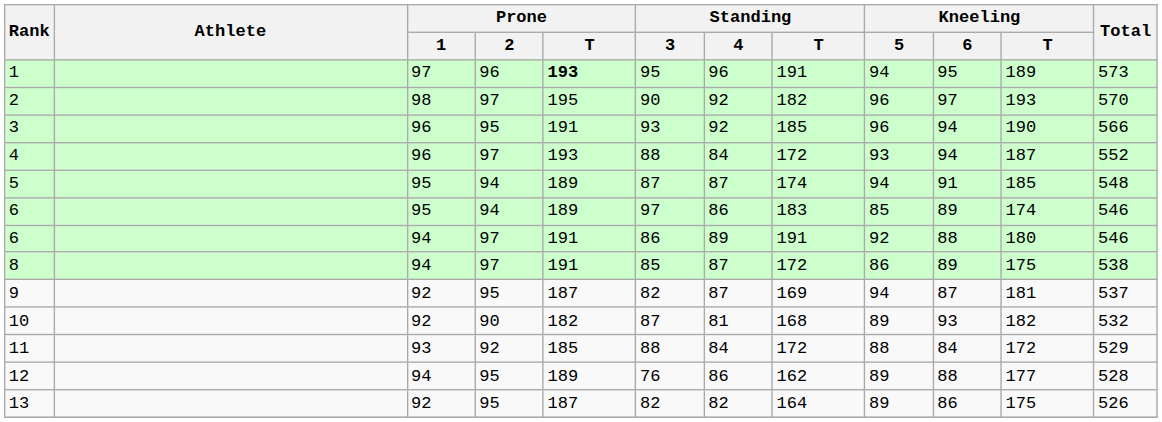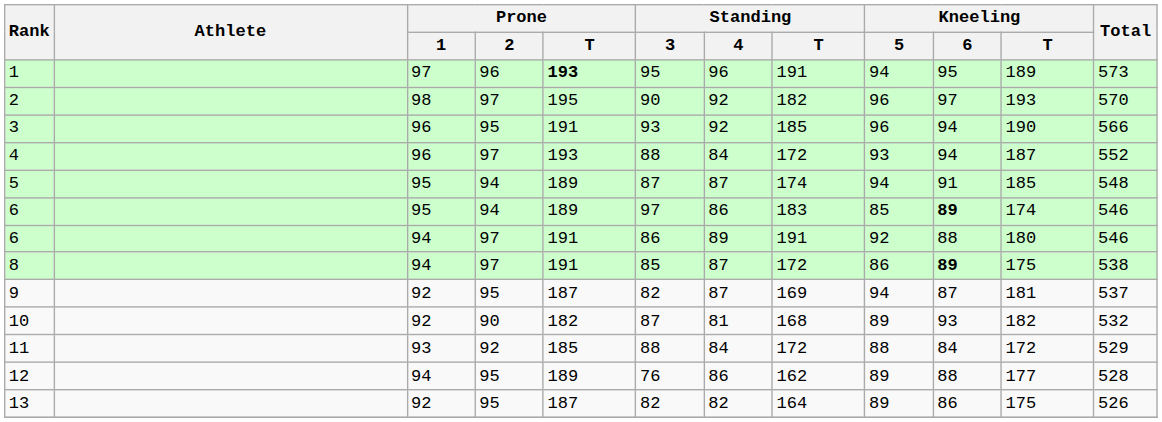 <table class="wikitable" style="font-size:95%" style="width:35em;" style="text-align:center">
 <tr>
 <th rowspan=2>Rank</th>
 <th rowspan=2 width=250>Athlete</th>
 <th colspan=3 width=160>Prone</th>
 <th colspan=3 width=160>Standing</th>
 <th colspan=3 width=160>Kneeling</th>
 <th rowspan=2 width=40>Total</th>
 </tr>
 <tr>
 <th>1</th>
 <th>2</th>
 <th>T</th>
 <th>3</th>
 <th>4</th>
 <th>T</th>
 <th>5</th>
 <th>6</th>
 <th>T</th>
 </tr>
 <tr bgcolor=ccffcc>
 <td>1</td>
 <td align=left></td>
 <td>97</td>
 <td>96</td>
 <td><strong>193<em></td>
 <td>95</td>
 <td>96</td>
 <td></strong>191<strong></td>
 <td>94</td>
 <td>95</td>
 <td></strong>189<strong></td>
 <td></strong>573<strong></td>
 </tr>
 <tr bgcolor=ccffcc>
 <td>2</td>
 <td align=left></td>
 <td>98</td>
 <td>97</td>
 <td></strong>195<strong></td>
 <td>90</td>
 <td>92</td>
 <td></strong>182<strong></td>
 <td>96</td>
 <td>97</td>
 <td></strong>193<strong></td>
 <td></strong>570<strong></td>
 </tr>
 <tr bgcolor=ccffcc>
 <td>3</td>
 <td align=left></td>
 <td>96</td>
 <td>95</td>
 <td></strong>191<strong></td>
 <td>93</td>
 <td>92</td>
 <td></strong>185<strong></td>
 <td>96</td>
 <td>94</td>
 <td></strong>190<strong></td>
 <td></strong>566<strong></td>
 </tr>
 <tr bgcolor=ccffcc>
 <td>4</td>
 <td align=left></td>
 <td>96</td>
 <td>97</td>
 <td></strong>193<strong></td>
 <td>88</td>
 <td>84</td>
 <td></strong>172<strong></td>
 <td>93</td>
 <td>94</td>
 <td></strong>187<strong></td>
 <td></strong>552<strong></td>
 </tr>
 <tr bgcolor=ccffcc>
 <td>5</td>
 <td align=left></td>
 <td>95</td>
 <td>94</td>
 <td></strong>189<strong></td>
 <td>87</td>
 <td>87</td>
 <td></strong>174<strong></td>
 <td>94</td>
 <td>91</td>
 <td></strong>185<strong></td>
 <td></strong>548<strong></td>
 </tr>
 <tr bgcolor=ccffcc>
 <td>6</td>
 <td align=left></td>
 <td>95</td>
 <td>94</td>
 <td></strong>189<strong></td>
 <td>97</td>
 <td>86</td>
 <td></strong>183<strong></td>
 <td>85</td>
-<td>89</td>
+<td><strong>89</strong></td>
 <td></strong>174<strong></td>
 <td></strong>546<strong></td>
 </tr>
 <tr bgcolor=ccffcc>
 <td>6</td>
 <td align=left></td>
 <td>94</td>
 <td>97</td>
 <td></strong>191<strong></td>
 <td>86</td>
 <td>89</td>
 <td></strong>191<strong></td>
 <td>92</td>
 <td>88</td>
 <td></strong>180<strong></td>
 <td></strong>546<strong></td>
 </tr>
 <tr bgcolor=ccffcc>
 <td>8</td>
 <td align=left></td>
 <td>94</td>
 <td>97</td>
 <td></strong>191<strong></td>
 <td>85</td>
 <td>87</td>
 <td></strong>172<strong></td>
 <td>86</td>
-<td>89</td>
+<td><strong>89</strong></td>
 <td></strong>175<strong></td>
 <td></strong>538<strong></td>
 </tr>
 <tr>
 <td>9</td>
 <td align=left></td>
 <td>92</td>
 <td>95</td>
 <td></strong>187<strong></td>
 <td>82</td>
 <td>87</td>
 <td></strong>169<strong></td>
 <td>94</td>
 <td>87</td>
 <td></strong>181<strong></td>
 <td></strong>537<strong></td>
 </tr>
 <tr>
 <td>10</td>
 <td align=left></td>
 <td>92</td>
 <td>90</td>
 <td></strong>182<strong></td>
 <td>87</td>
 <td>81</td>
 <td></strong>168<strong></td>
 <td>89</td>
 <td>93</td>
 <td></strong>182<strong></td>
 <td></strong>532<strong></td>
 </tr>
 <tr>
 <td>11</td>
 <td align=left></td>
 <td>93</td>
 <td>92</td>
 <td></strong>185<strong></td>
 <td>88</td>
 <td>84</td>
 <td></strong>172<strong></td>
 <td>88</td>
 <td>84</td>
 <td></strong>172<strong></td>
 <td></strong>529<strong></td>
 </tr>
 <tr>
 <td>12</td>
 <td align=left></td>
 <td>94</td>
 <td>95</td>
 <td></strong>189<strong></td>
 <td>76</td>
 <td>86</td>
 <td></strong>162<strong></td>
 <td>89</td>
 <td>88</td>
 <td></strong>177<strong></td>
 <td></strong>528<strong></td>
 </tr>
 <tr>
 <td>13</td>
 <td align=left></td>
 <td>92</td>
 <td>95</td>
 <td></strong>187<strong></td>
 <td>82</td>
 <td>82</td>
 <td></strong>164<strong></td>
 <td>89</td>
 <td>86</td>
 <td></strong>175<strong></td>
 <td></strong>526<strong></td>
 </tr>
 <tr>
 </tr>
 </table>
